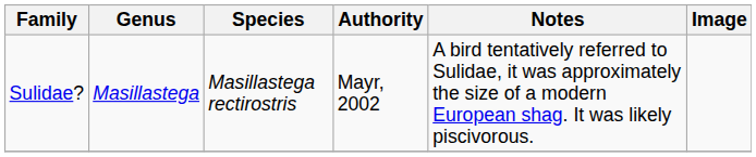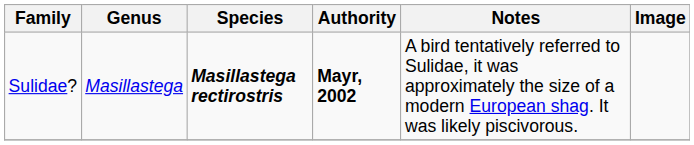 <table class="wikitable" align="center" width="100%">
 <tr>
 <th>Family</th>
 <th>Genus</th>
 <th>Species</th>
 <th>Authority</th>
 <th>Notes</th>
 <th>Image</th>
 </tr>
 <tr>
 <td><a href='#'>Sulidae</a>?</td>
 <td><em><a href='#'>Masillastega</a></em></td>
-<td><em>Masillastega rectirostris</em></td>
-<td>Mayr, 2002</td>
+<td><strong><em>Masillastega rectirostris</em></strong></td>
+<td><strong>Mayr, 2002</strong></td>
 <td>A bird tentatively referred to Sulidae, it was approximately the size of a modern <a href='#'>European shag</a>. It was likely piscivorous.</td>
 <td></td>
 </tr>
 <tr>
 </tr>
 </table>
